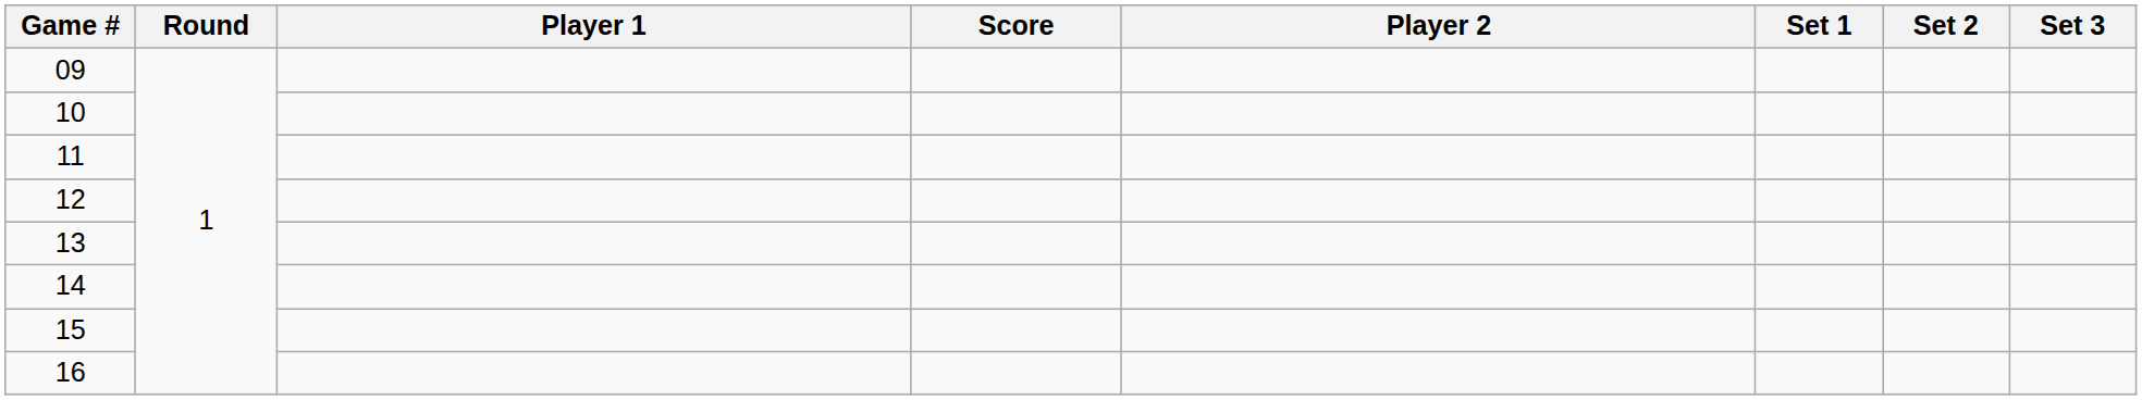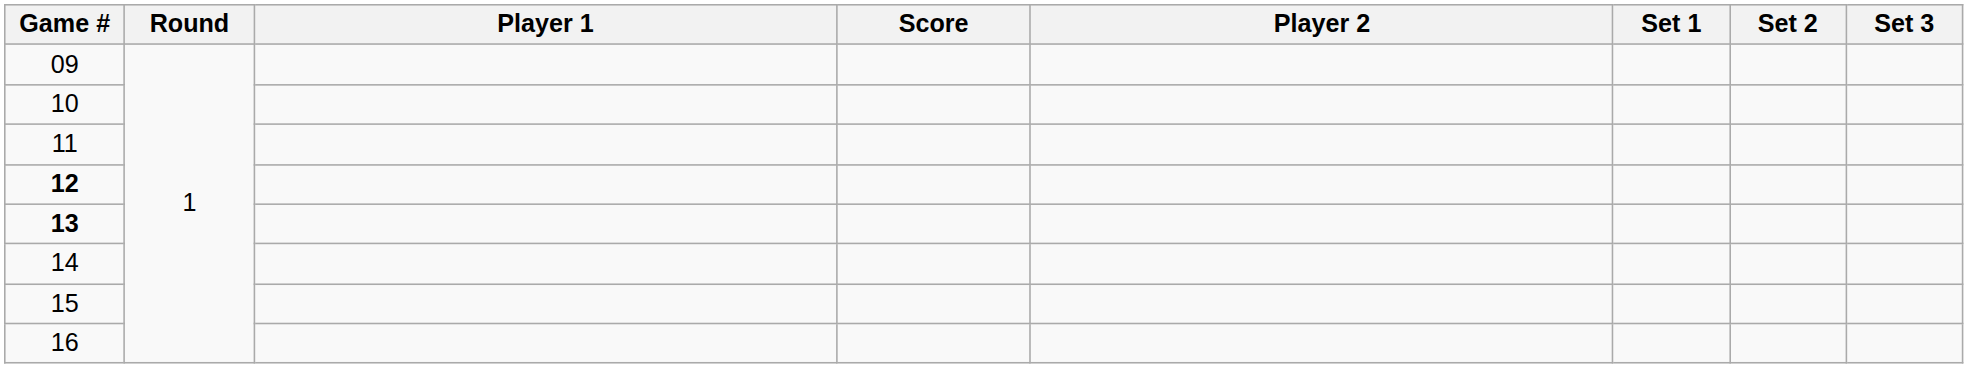 <table class="wikitable">
 <tr>
 <th width="2%">Game #</th>
 <th width="2%">Round</th>
 <th width="15%">Player 1</th>
 <th width="5%">Score</th>
 <th width="15%">Player 2</th>
 <th width="3%">Set 1</th>
 <th width="3%">Set 2</th>
 <th width="3%">Set 3</th>
 </tr>
 <tr style=text-align:center;>
 <td>09</td>
 <td rowspan=8>1</td>
 <td><strong></strong></td>
 <td></td>
 <td></td>
 <td></td>
 <td></td>
 <td></td>
 </tr>
 <tr style=text-align:center;>
 <td>10</td>
 <td></td>
 <td></td>
 <td><strong></strong></td>
 <td></td>
 <td></td>
 <td></td>
 </tr>
 <tr style=text-align:center;>
 <td>11</td>
 <td><strong></strong></td>
 <td></td>
 <td></td>
 <td></td>
 <td></td>
 <td></td>
 </tr>
 <tr style=text-align:center;>
-<td>12</td>
+<td><strong>12</strong></td>
 <td></td>
 <td></td>
 <td><strong></strong></td>
 <td></td>
 <td></td>
 <td></td>
 </tr>
 <tr style=text-align:center;>
-<td>13</td>
+<td><strong>13</strong></td>
 <td></td>
 <td></td>
 <td><strong></strong></td>
 <td></td>
 <td></td>
 <td></td>
 </tr>
 <tr style=text-align:center;>
 <td>14</td>
 <td></td>
 <td></td>
 <td><strong></strong></td>
 <td></td>
 <td></td>
 <td></td>
 </tr>
 <tr style=text-align:center;>
 <td>15</td>
 <td></td>
 <td></td>
 <td><strong></strong></td>
 <td></td>
 <td></td>
 <td></td>
 </tr>
 <tr style=text-align:center;>
 <td>16</td>
 <td><strong></strong></td>
 <td></td>
 <td></td>
 <td></td>
 <td></td>
 <td></td>
 </tr>
 </table>
